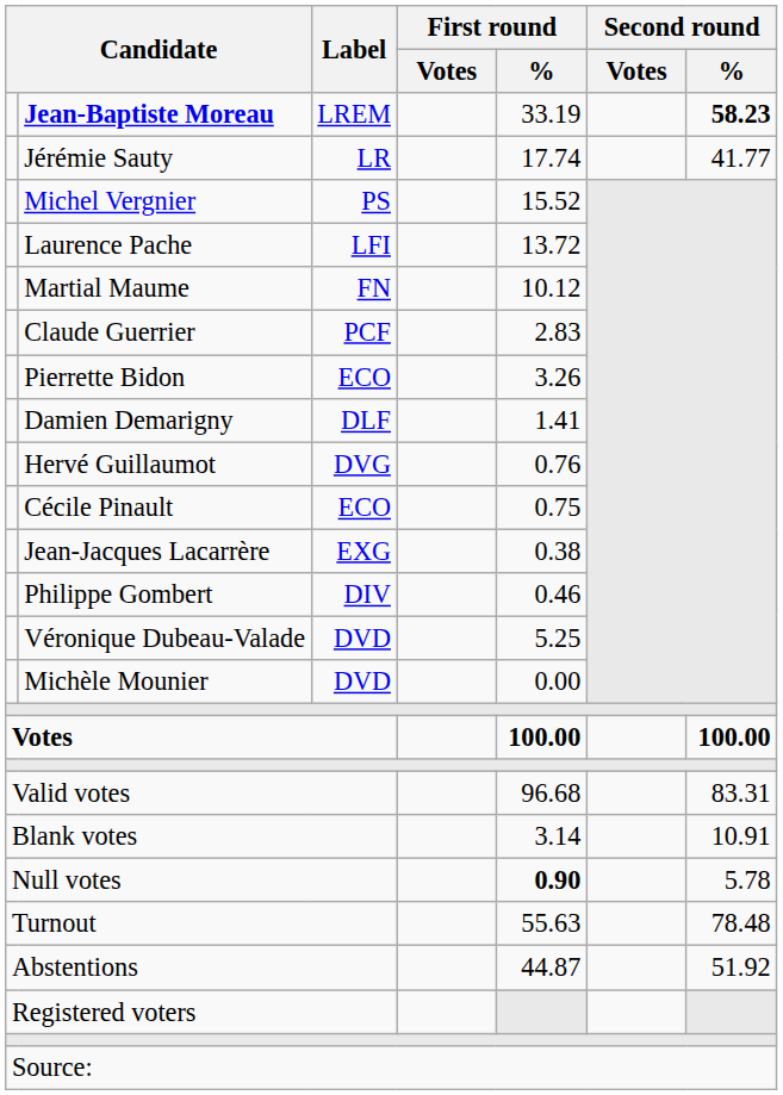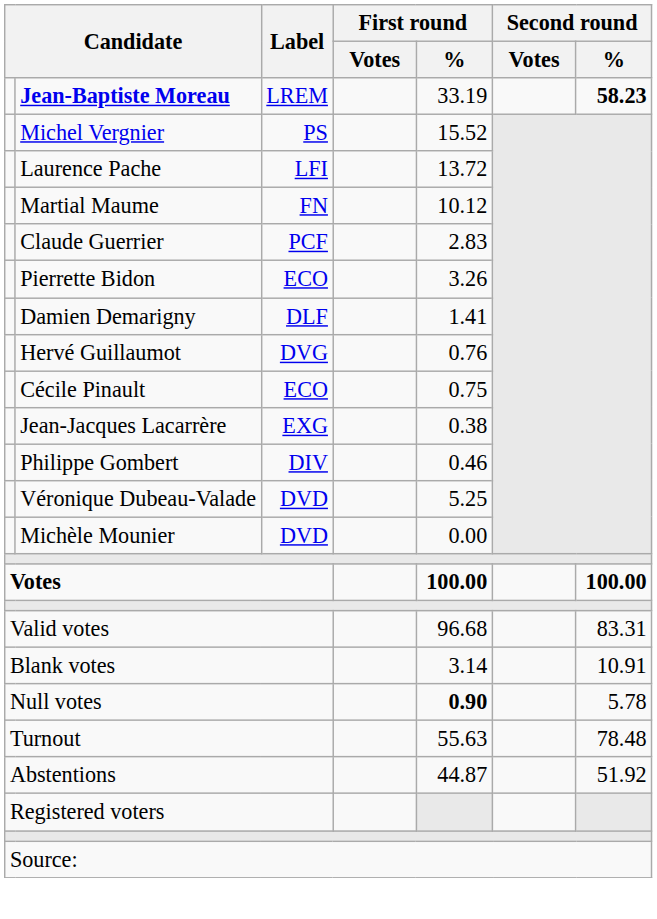 <table class="wikitable" style="text-align:right;font-size:95%;">
 <tr>
 <th rowspan="2" colspan="2">Candidate</th>
 <th rowspan="2">Label</th>
 <th colspan="2">First round</th>
 <th colspan="2">Second round</th>
 </tr>
 <tr>
 <th style="width:50px;">Votes</th>
 <th style="width:45px;">%</th>
 <th style="width:50px;">Votes</th>
 <th style="width:45px;">%</th>
 </tr>
 <tr>
 <td style="color:inherit;background:"></td>
 <td style="text-align:left;"><strong><a href='#'>Jean-Baptiste Moreau</a></strong></td>
 <td><a href='#'>LREM</a></td>
 <td></td>
 <td>33.19</td>
 <td><strong></strong></td>
 <td><strong>58.23</strong></td>
-</tr>
-<tr>
-<td style="color:inherit;background:"></td>
-<td style="text-align:left;">Jérémie Sauty</td>
-<td><a href='#'>LR</a></td>
-<td></td>
-<td>17.74</td>
-<td></td>
-<td>41.77</td>
 </tr>
 <tr>
 <td style="color:inherit;background:"></td>
 <td style="text-align:left;"><a href='#'>Michel Vergnier</a></td>
 <td><a href='#'>PS</a></td>
 <td></td>
 <td>15.52</td>
 <td colspan="2" rowspan="12" style="background:#E9E9E9;"></td>
 </tr>
 <tr>
 <td style="color:inherit;background:"></td>
 <td style="text-align:left;">Laurence Pache</td>
 <td><a href='#'>LFI</a></td>
 <td></td>
 <td>13.72</td>
 </tr>
 <tr>
 <td style="color:inherit;background:"></td>
 <td style="text-align:left;">Martial Maume</td>
 <td><a href='#'>FN</a></td>
 <td></td>
 <td>10.12</td>
 </tr>
 <tr>
 <td style="color:inherit;background:"></td>
 <td style="text-align:left;">Claude Guerrier</td>
 <td><a href='#'>PCF</a></td>
 <td></td>
 <td>2.83</td>
 </tr>
 <tr>
 <td style="color:inherit;background:"></td>
 <td style="text-align:left;">Pierrette Bidon</td>
 <td><a href='#'>ECO</a></td>
 <td></td>
 <td>3.26</td>
 </tr>
 <tr>
 <td style="color:inherit;background:"></td>
 <td style="text-align:left;">Damien Demarigny</td>
 <td><a href='#'>DLF</a></td>
 <td></td>
 <td>1.41</td>
 </tr>
 <tr>
 <td style="color:inherit;background:"></td>
 <td style="text-align:left;">Hervé Guillaumot</td>
 <td><a href='#'>DVG</a></td>
 <td></td>
 <td>0.76</td>
 </tr>
 <tr>
 <td style="color:inherit;background:"></td>
 <td style="text-align:left;">Cécile Pinault</td>
 <td><a href='#'>ECO</a></td>
 <td></td>
 <td>0.75</td>
 </tr>
 <tr>
 <td style="color:inherit;background:"></td>
 <td style="text-align:left;">Jean-Jacques Lacarrère</td>
 <td><a href='#'>EXG</a></td>
 <td></td>
 <td>0.38</td>
 </tr>
 <tr>
 <td style="color:inherit;background:"></td>
 <td style="text-align:left;">Philippe Gombert</td>
 <td><a href='#'>DIV</a></td>
 <td></td>
 <td>0.46</td>
 </tr>
 <tr>
 <td style="color:inherit;background:"></td>
 <td style="text-align:left;">Véronique Dubeau-Valade</td>
 <td><a href='#'>DVD</a></td>
 <td></td>
 <td>5.25</td>
 </tr>
 <tr>
 <td style="color:inherit;background:"></td>
 <td style="text-align:left;">Michèle Mounier</td>
 <td><a href='#'>DVD</a></td>
 <td></td>
 <td>0.00</td>
 </tr>
 <tr>
 <td colspan="7" style="background:#E9E9E9;"></td>
 </tr>
 <tr style="font-weight:bold;">
 <td colspan="3" style="text-align:left;">Votes</td>
 <td></td>
 <td>100.00</td>
 <td></td>
 <td>100.00</td>
 </tr>
 <tr>
 <td colspan="7" style="background:#E9E9E9;"></td>
 </tr>
 <tr>
 <td colspan="3" style="text-align:left;">Valid votes</td>
 <td></td>
 <td>96.68</td>
 <td></td>
 <td>83.31</td>
 </tr>
 <tr>
 <td colspan="3" style="text-align:left;">Blank votes</td>
 <td></td>
 <td>3.14</td>
 <td></td>
 <td>10.91</td>
 </tr>
 <tr>
 <td colspan="3" style="text-align:left;">Null votes</td>
 <td></td>
 <td><strong>0.90</strong></td>
 <td></td>
 <td>5.78</td>
 </tr>
 <tr>
 <td colspan="3" style="text-align:left;">Turnout</td>
 <td></td>
 <td>55.63</td>
 <td></td>
 <td>78.48</td>
 </tr>
 <tr>
 <td colspan="3" style="text-align:left;">Abstentions</td>
 <td></td>
 <td>44.87</td>
 <td></td>
 <td>51.92</td>
 </tr>
 <tr>
 <td colspan="3" style="text-align:left;">Registered voters</td>
 <td></td>
 <td style="color:inherit;background:#E9E9E9;"></td>
 <td></td>
 <td style="color:inherit;background:#E9E9E9;"></td>
 </tr>
 <tr>
 <td colspan="7" style="background:#E9E9E9;"></td>
 </tr>
 <tr>
 <td colspan="7" style="text-align:left;">Source: </td>
 </tr>
 </table>
